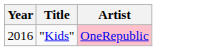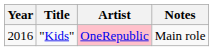 <table class="wikitable sortable">
 <tr>
 <th>Year</th>
 <th>Title</th>
 <th>Artist</th>
+<th class="unsortable">Notes</th>
 </tr>
 <tr>
 <td>2016</td>
 <td>"<a href='#'>Kids</a>"</td>
 <td style="background: pink;"><a href='#'>OneRepublic</a></td>
+<td>Main role</td>
 </tr>
 </table>
